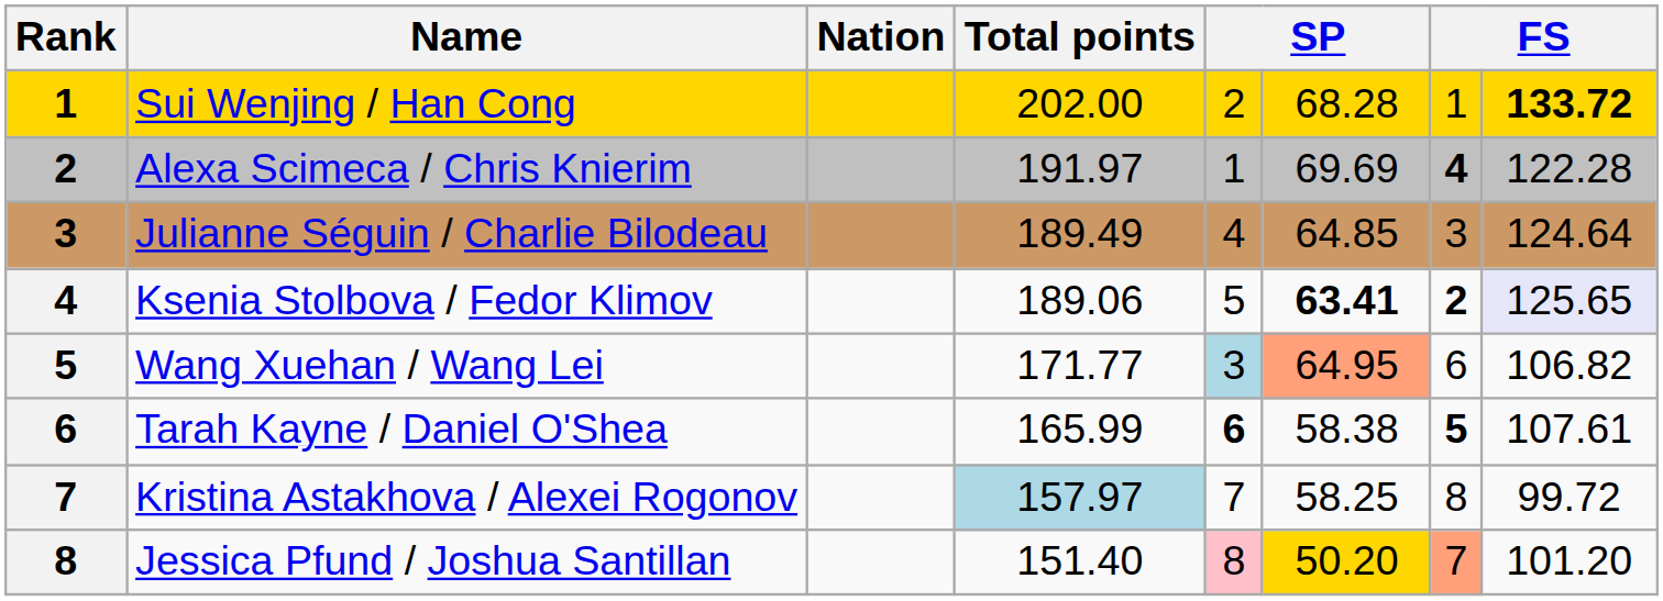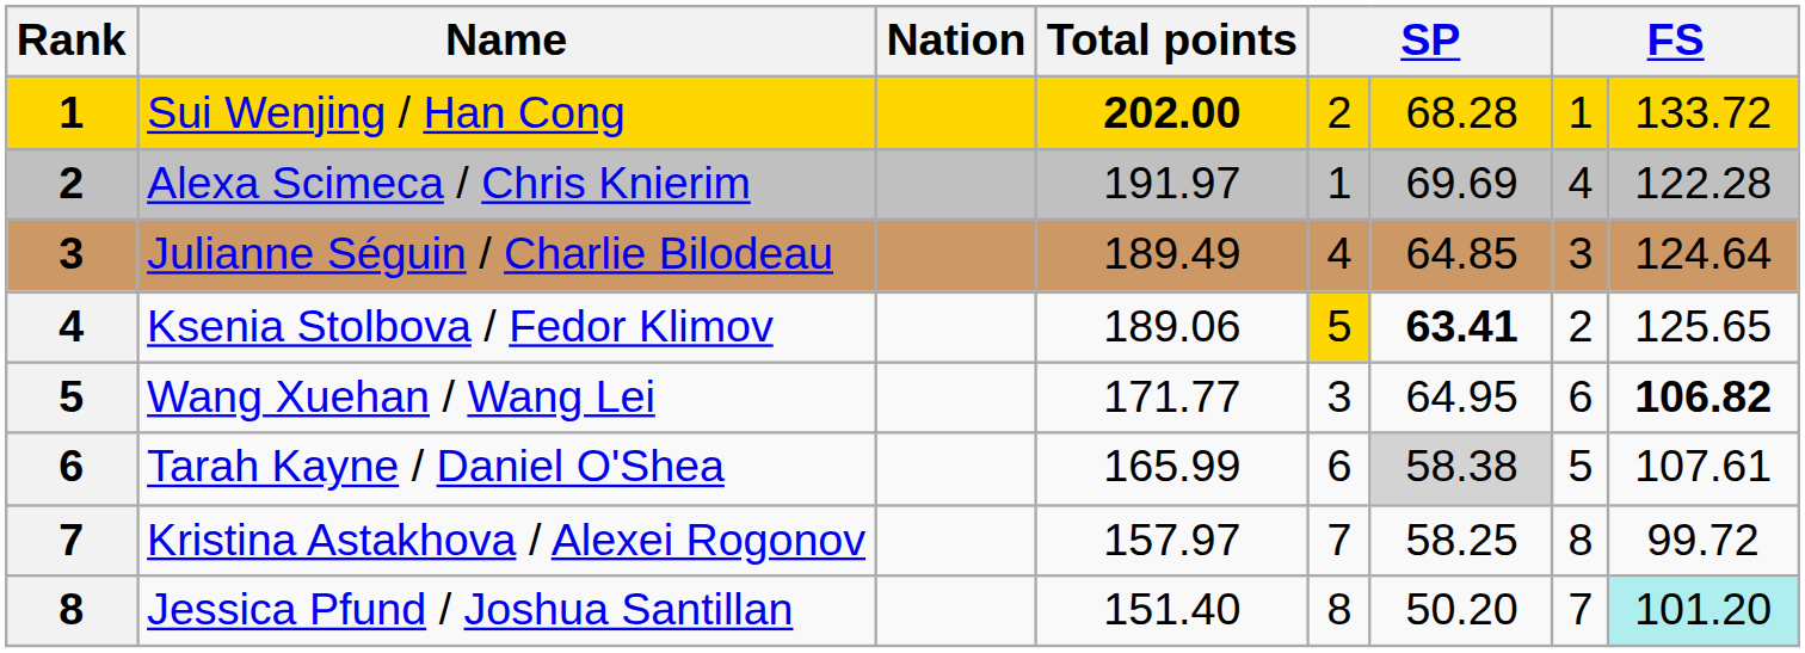 <table class="wikitable sortable">
 <tr>
 <th>Rank</th>
 <th>Name</th>
 <th>Nation</th>
 <th>Total points</th>
 <th colspan="2" width="80px"><a href='#'>SP</a></th>
 <th colspan="2" width="80px"><a href='#'>FS</a></th>
 </tr>
 <tr bgcolor="gold">
 <td align="center"><strong>1</strong></td>
 <td><a href='#'>Sui Wenjing</a> / <a href='#'>Han Cong</a></td>
 <td></td>
-<td align="center">202.00</td>
+<td align="center"><strong>202.00</strong></td>
 <td align="center">2</td>
 <td align="center">68.28</td>
 <td align="center">1</td>
-<td align="center"><strong>133.72</strong></td>
+<td align="center">133.72</td>
 </tr>
 <tr bgcolor="silver">
 <td align="center"><strong>2</strong></td>
 <td><a href='#'>Alexa Scimeca</a> / <a href='#'>Chris Knierim</a></td>
 <td></td>
 <td align="center">191.97</td>
 <td align="center">1</td>
 <td align="center">69.69</td>
-<td align="center"><strong>4</strong></td>
+<td align="center">4</td>
 <td align="center">122.28</td>
 </tr>
 <tr bgcolor="cc9966">
 <td align="center"><strong>3</strong></td>
 <td><a href='#'>Julianne Séguin</a> / <a href='#'>Charlie Bilodeau</a></td>
 <td></td>
 <td align="center">189.49</td>
 <td align="center">4</td>
 <td align="center">64.85</td>
 <td align="center">3</td>
 <td align="center">124.64</td>
 </tr>
 <tr>
 <th>4</th>
 <td><a href='#'>Ksenia Stolbova</a> / <a href='#'>Fedor Klimov</a></td>
 <td></td>
 <td align="center">189.06</td>
-<td align="center">5</td>
+<td align="center" style="background: gold;">5</td>
 <td align="center"><strong>63.41</strong></td>
-<td align="center"><strong>2</strong></td>
-<td align="center" style="background: lavender;">125.65</td>
+<td align="center">2</td>
+<td align="center">125.65</td>
 </tr>
 <tr>
 <th>5</th>
 <td><a href='#'>Wang Xuehan</a> / <a href='#'>Wang Lei</a></td>
 <td></td>
 <td align="center">171.77</td>
-<td align="center" style="background: lightblue;">3</td>
-<td align="center" style="background: lightsalmon;">64.95</td>
+<td align="center">3</td>
+<td align="center">64.95</td>
 <td align="center">6</td>
-<td align="center">106.82</td>
+<td align="center"><strong>106.82</strong></td>
 </tr>
 <tr>
 <th>6</th>
 <td><a href='#'>Tarah Kayne</a> / <a href='#'>Daniel O'Shea</a></td>
 <td></td>
 <td align="center">165.99</td>
-<td align="center"><strong>6</strong></td>
-<td align="center">58.38</td>
-<td align="center"><strong>5</strong></td>
+<td align="center">6</td>
+<td align="center" style="background: lightgrey;">58.38</td>
+<td align="center">5</td>
 <td align="center">107.61</td>
 </tr>
 <tr>
 <th>7</th>
 <td><a href='#'>Kristina Astakhova</a> / <a href='#'>Alexei Rogonov</a></td>
 <td></td>
-<td align="center" style="background: lightblue;">157.97</td>
+<td align="center">157.97</td>
 <td align="center">7</td>
 <td align="center">58.25</td>
 <td align="center">8</td>
 <td align="center">99.72</td>
 </tr>
 <tr>
 <th>8</th>
 <td><a href='#'>Jessica Pfund</a> / <a href='#'>Joshua Santillan</a></td>
 <td></td>
 <td align="center">151.40</td>
-<td align="center" style="background: pink;">8</td>
-<td align="center" style="background: gold;">50.20</td>
-<td align="center" style="background: lightsalmon;">7</td>
-<td align="center">101.20</td>
+<td align="center">8</td>
+<td align="center">50.20</td>
+<td align="center">7</td>
+<td align="center" style="background: paleturquoise;">101.20</td>
 </tr>
 </table>
